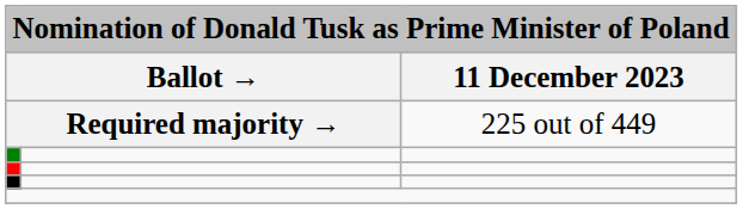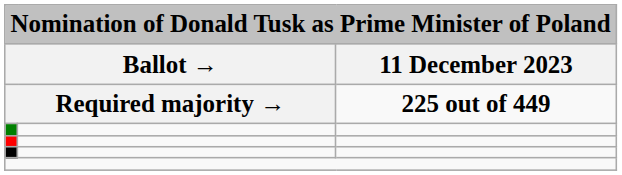 <table class="wikitable" style="text-align:center;">
 <tr>
 <td colspan="3" align="center" bgcolor="#C0C0C0"><strong>Nomination of Donald Tusk as Prime Minister of Poland</strong></td>
 </tr>
 <tr>
 <th colspan="2" style="width:150px;">Ballot →</th>
 <th>11 December 2023</th>
 </tr>
 <tr>
 <th colspan="2">Required majority →</th>
-<td>225 out of 449 </td>
+<td><strong>225 out of 449 </strong></td>
 </tr>
 <tr>
 <th style="width:1px; background:green;"></th>
 <td style="text-align:left;"></td>
 <td></td>
 </tr>
 <tr>
 <th style="background:red;"></th>
 <td style="text-align:left;"></td>
 <td></td>
 </tr>
 <tr>
 <th style="background:black;"></th>
 <td style="text-align:left;"></td>
 <td></td>
 </tr>
 <tr>
 <td style="text-align:left;" colspan="3"></td>
 </tr>
 </table>
